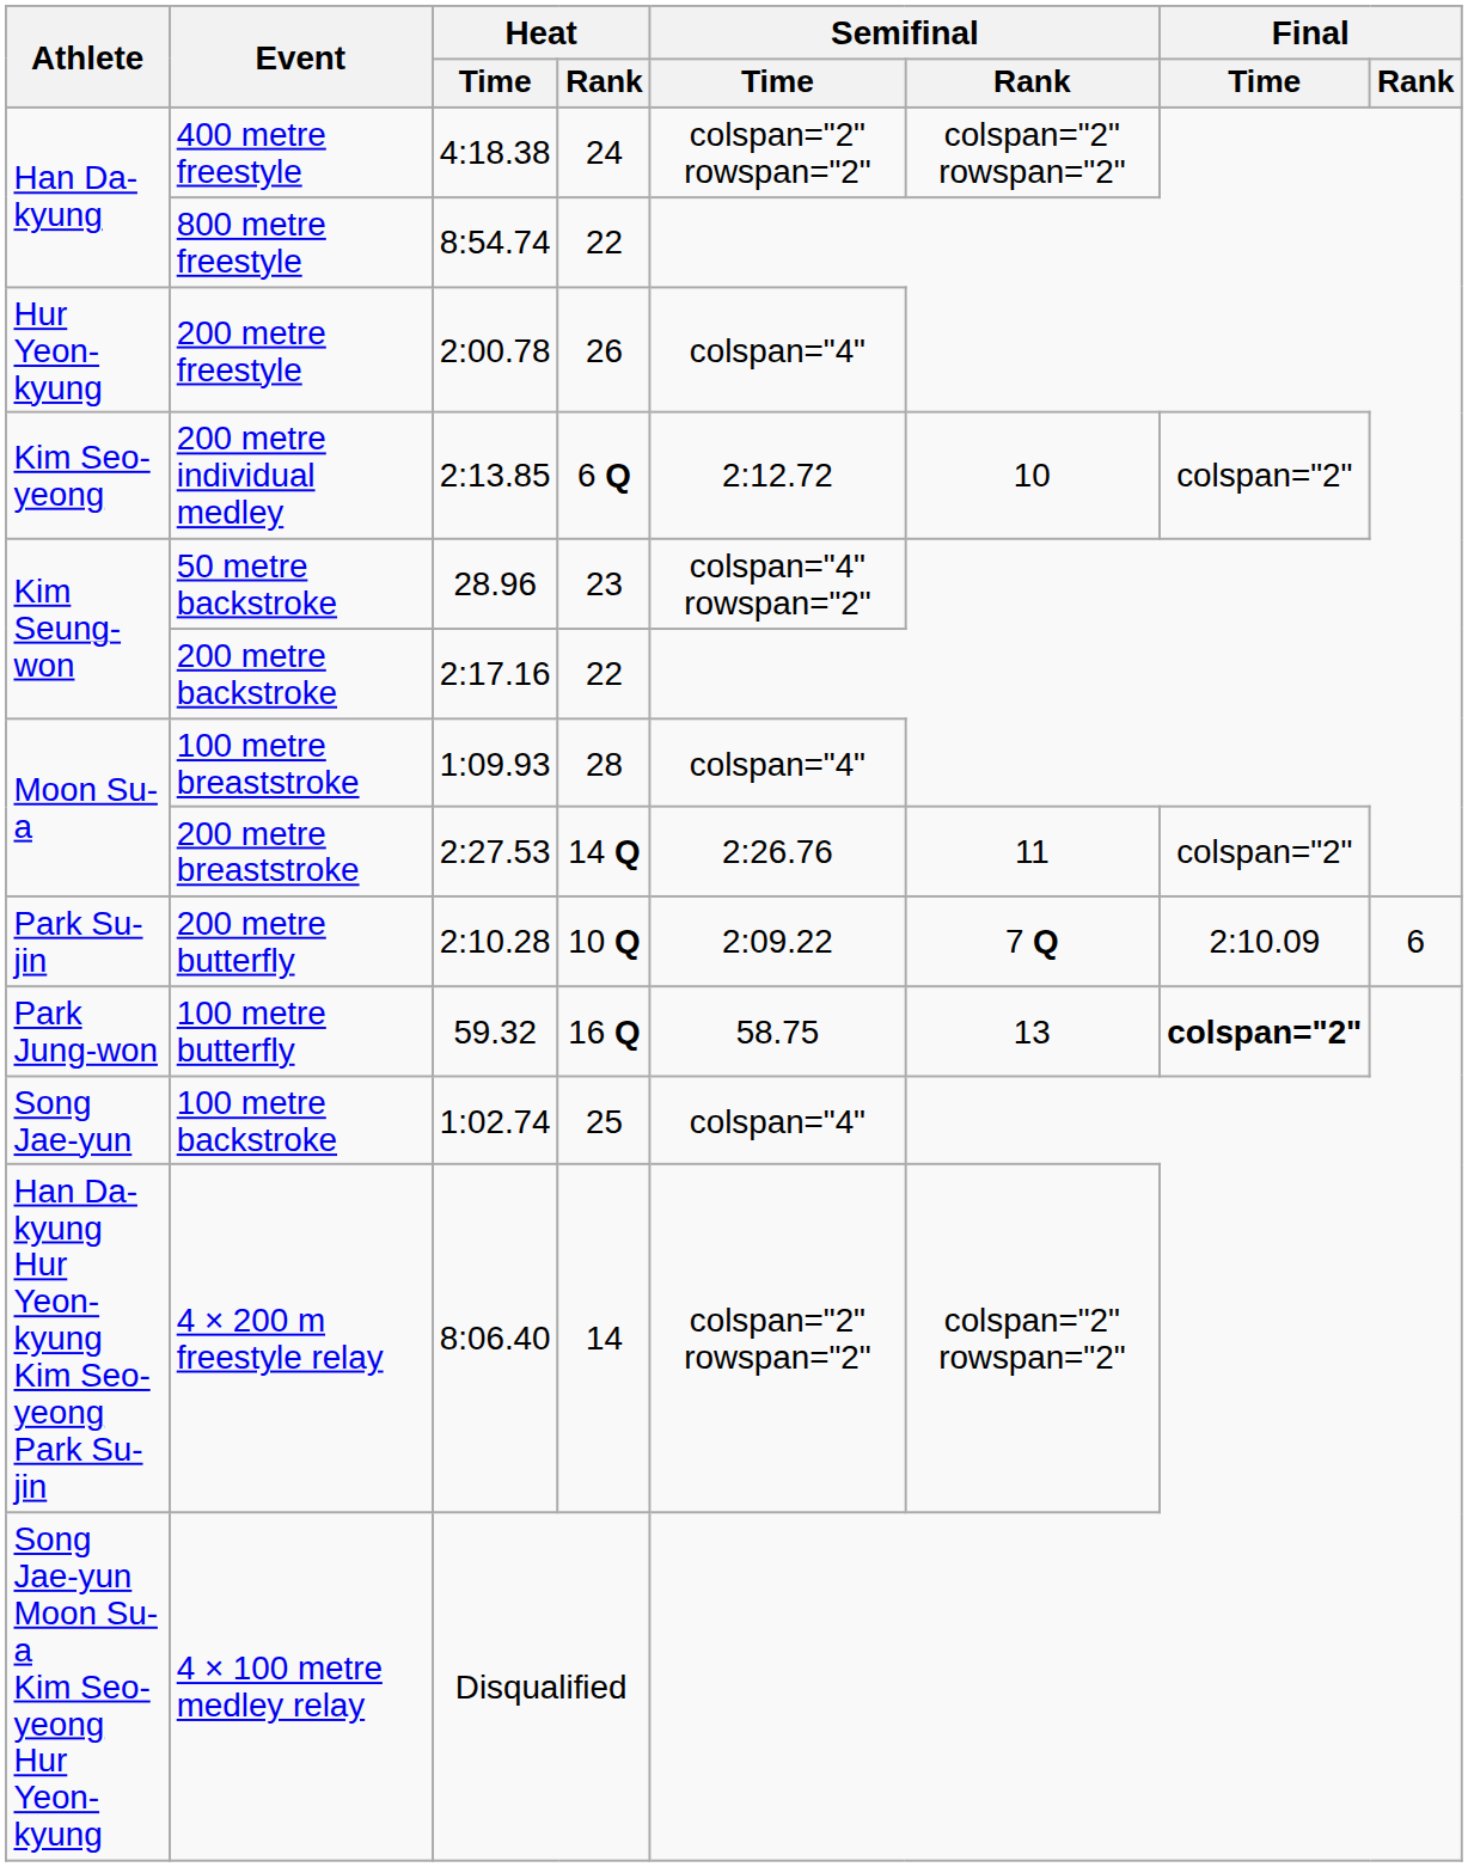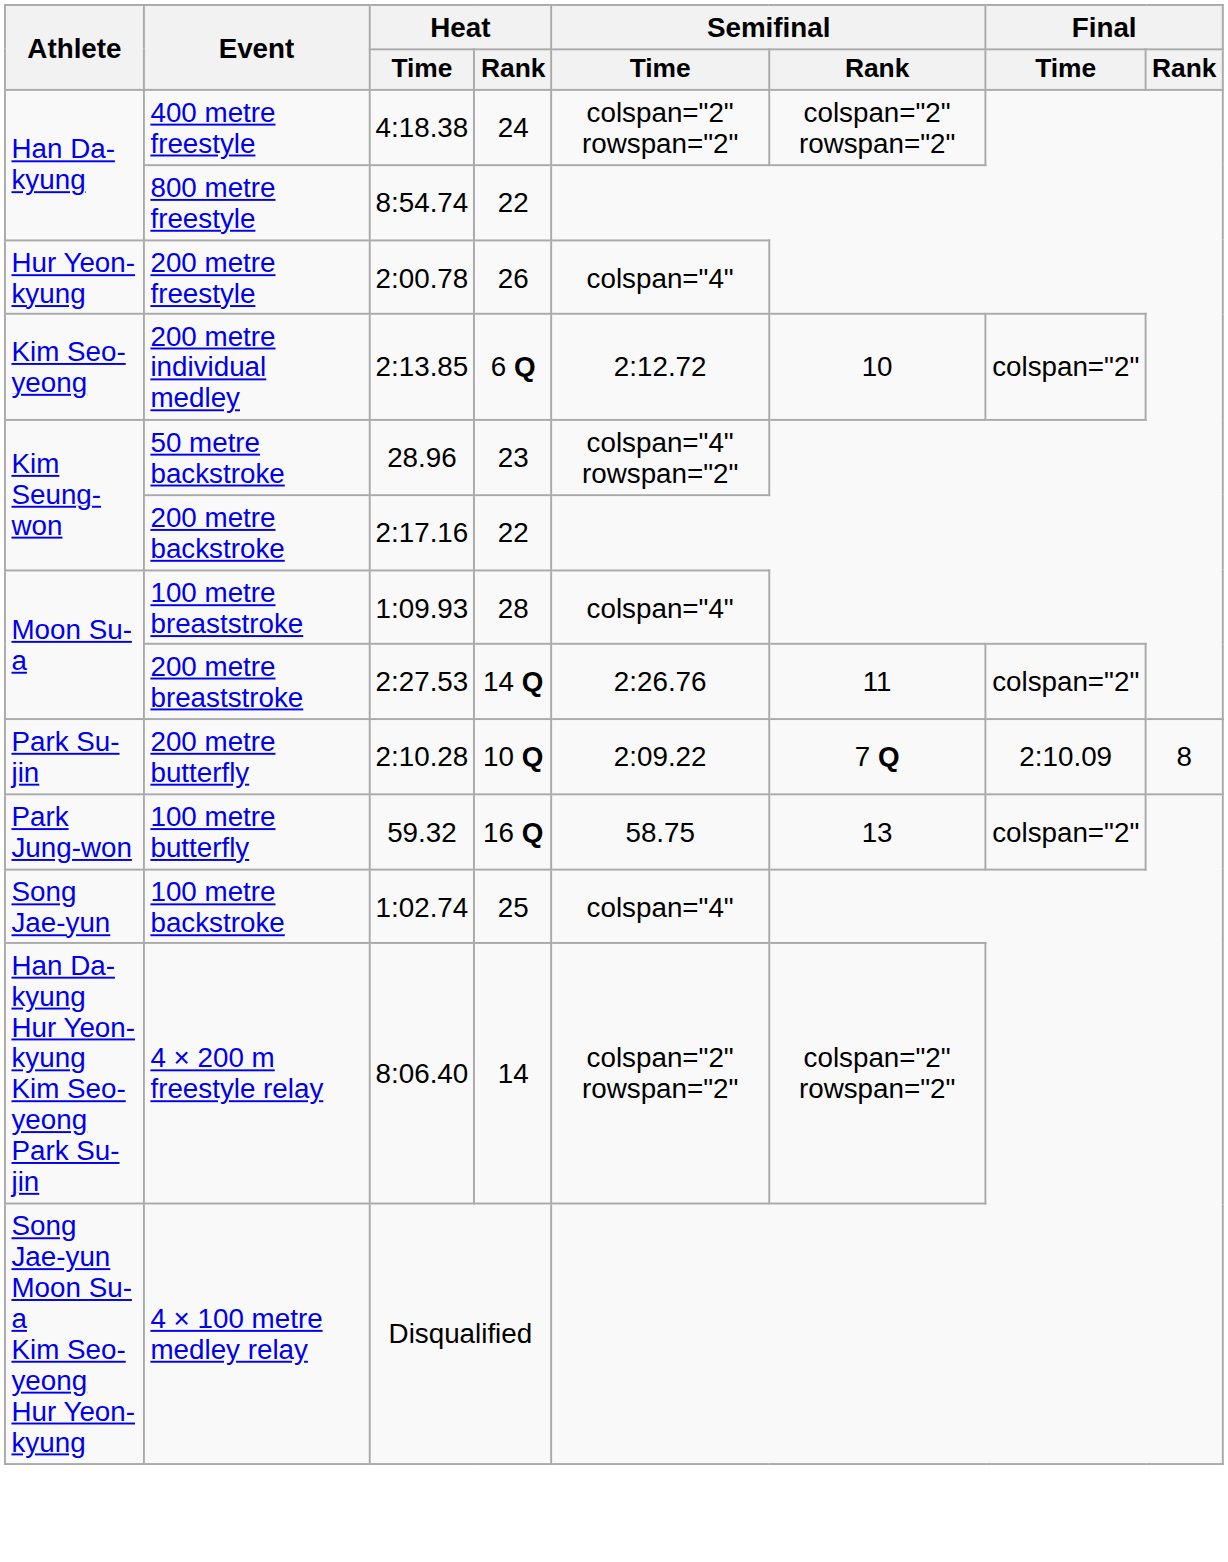 <table class="wikitable" style="text-align:center; font-size:90%; width:50%;">
 <tr>
 <th rowspan="2">Athlete</th>
 <th rowspan="2">Event</th>
 <th colspan="2">Heat</th>
 <th colspan="2">Semifinal</th>
 <th colspan="2">Final</th>
 </tr>
 <tr style="font-size:95%">
 <th>Time</th>
 <th>Rank</th>
 <th>Time</th>
 <th>Rank</th>
 <th>Time</th>
 <th>Rank</th>
 </tr>
 <tr align=center>
 <td align=left rowspan="2"><a href='#'>Han Da-kyung</a></td>
 <td align=left><a href='#'>400 metre freestyle</a></td>
 <td>4:18.38</td>
 <td>24</td>
 <td>colspan="2" rowspan="2"  </td>
 <td>colspan="2" rowspan="2" </td>
 </tr>
 <tr align=center>
 <td align=left><a href='#'>800 metre freestyle</a></td>
 <td>8:54.74</td>
 <td>22</td>
 </tr>
 <tr align=center>
 <td align=left><a href='#'>Hur Yeon-kyung</a></td>
 <td align=left><a href='#'>200 metre freestyle</a></td>
 <td>2:00.78</td>
 <td>26</td>
 <td>colspan="4" </td>
 </tr>
 <tr align=center>
 <td align=left><a href='#'>Kim Seo-yeong</a></td>
 <td align=left><a href='#'>200 metre individual medley</a></td>
 <td>2:13.85</td>
 <td>6 <strong>Q</strong></td>
 <td>2:12.72</td>
 <td>10</td>
 <td>colspan="2" </td>
 </tr>
 <tr align=center>
 <td align=left rowspan="2"><a href='#'>Kim Seung-won</a></td>
 <td align=left><a href='#'>50 metre backstroke</a></td>
 <td>28.96</td>
 <td>23</td>
 <td>colspan="4"  rowspan="2" </td>
 </tr>
 <tr align=center>
 <td align=left><a href='#'>200 metre backstroke</a></td>
 <td>2:17.16</td>
 <td>22</td>
 </tr>
 <tr align=center>
 <td align=left rowspan="2"><a href='#'>Moon Su-a</a></td>
 <td align=left><a href='#'>100 metre breaststroke</a></td>
 <td>1:09.93</td>
 <td>28</td>
 <td>colspan="4" </td>
 </tr>
 <tr align=center>
 <td align=left><a href='#'>200 metre breaststroke</a></td>
 <td>2:27.53</td>
 <td>14 <strong>Q</strong></td>
 <td>2:26.76</td>
 <td>11</td>
 <td>colspan="2" </td>
 </tr>
 <tr align=center>
 <td align=left><a href='#'>Park Su-jin</a></td>
 <td align=left><a href='#'>200 metre butterfly</a></td>
 <td>2:10.28</td>
 <td>10 <strong>Q</strong></td>
 <td>2:09.22</td>
 <td>7 <strong>Q</strong></td>
 <td>2:10.09</td>
-<td>6</td>
+<td>8</td>
 </tr>
 <tr align=center>
 <td align=left><a href='#'>Park Jung-won</a></td>
 <td align=left><a href='#'>100 metre butterfly</a></td>
 <td>59.32</td>
 <td>16 <strong>Q</strong></td>
 <td>58.75</td>
 <td>13</td>
-<td><strong>colspan="2" </strong></td>
+<td>colspan="2" </td>
 </tr>
 <tr align=center>
 <td align=left><a href='#'>Song Jae-yun</a></td>
 <td align=left><a href='#'>100 metre backstroke</a></td>
 <td>1:02.74</td>
 <td>25</td>
 <td>colspan="4" </td>
 </tr>
 <tr>
 <td align=left><a href='#'>Han Da-kyung</a> <br><a href='#'>Hur Yeon-kyung</a> <br><a href='#'>Kim Seo-yeong</a> <br><a href='#'>Park Su-jin</a></td>
 <td align=left><a href='#'>4 × 200 m freestyle relay</a></td>
 <td>8:06.40</td>
 <td>14</td>
 <td>colspan="2" rowspan="2" </td>
 <td>colspan="2" rowspan="2" </td>
 </tr>
 <tr>
 <td align=left><a href='#'>Song Jae-yun</a> <br><a href='#'>Moon Su-a</a> <br><a href='#'>Kim Seo-yeong</a><br><a href='#'>Hur Yeon-kyung</a></td>
 <td align=left><a href='#'>4 × 100 metre medley relay</a></td>
 <td colspan="2">Disqualified</td>
 </tr>
 </table>
